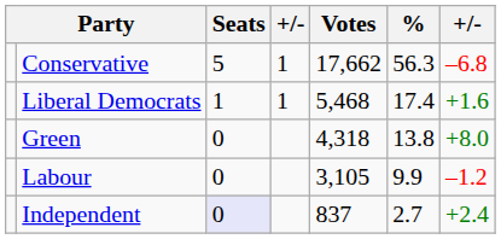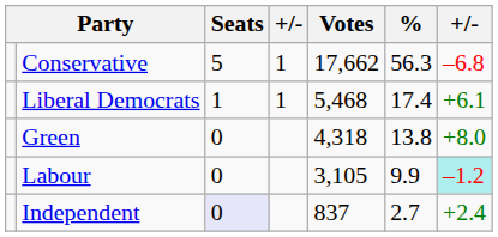 <table class="wikitable">
 <tr>
 <th colspan="2">Party</th>
 <th>Seats</th>
 <th>+/-</th>
 <th>Votes</th>
 <th>%</th>
 <th>+/-</th>
 </tr>
 <tr>
 <td style="background-color: "></td>
 <td><a href='#'>Conservative</a></td>
 <td>5</td>
 <td> 1</td>
 <td>17,662</td>
 <td>56.3</td>
 <td style="color:red">–6.8</td>
 </tr>
 <tr>
 <td style="background-color: "></td>
 <td><a href='#'>Liberal Democrats</a></td>
 <td>1</td>
 <td> 1</td>
 <td>5,468</td>
 <td>17.4</td>
-<td style="color:green">+1.6</td>
+<td style="color:green">+6.1</td>
 </tr>
 <tr>
 <td style="background-color: "></td>
 <td><a href='#'>Green</a></td>
 <td>0</td>
 <td></td>
 <td>4,318</td>
 <td>13.8</td>
 <td style="color:green">+8.0</td>
 </tr>
 <tr>
 <td style="background-color: "></td>
 <td><a href='#'>Labour</a></td>
 <td>0</td>
 <td></td>
 <td>3,105</td>
 <td>9.9</td>
-<td style="color:red">–1.2</td>
+<td style="background: paleturquoise; color:red">–1.2</td>
 </tr>
 <tr>
 <td style="background-color: "></td>
 <td><a href='#'>Independent</a></td>
 <td style="background: lavender;">0</td>
 <td></td>
 <td>837</td>
 <td>2.7</td>
 <td style="color:green">+2.4</td>
 </tr>
 </table>
